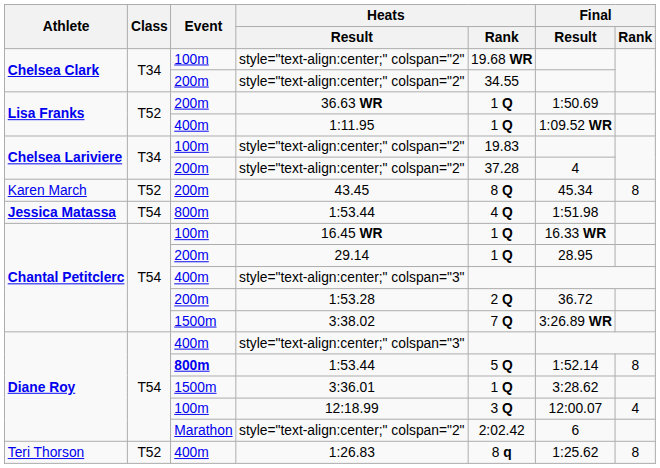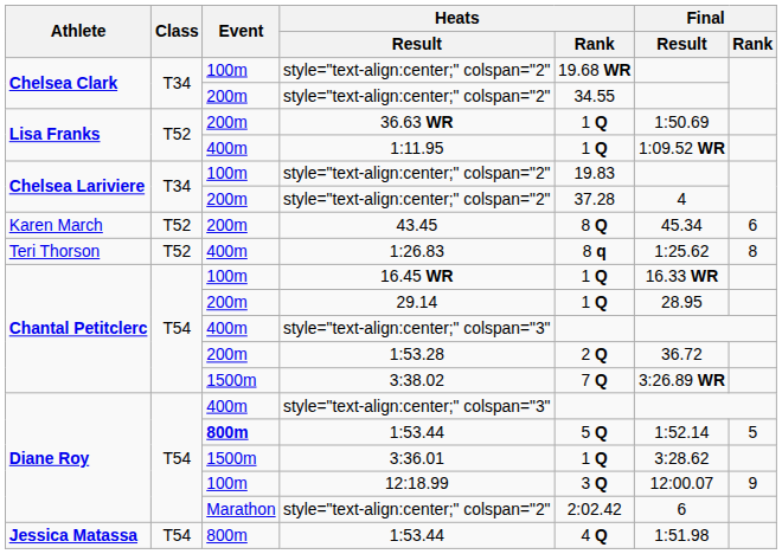 <table class=wikitable style="font-size:90%">
 <tr>
 <th rowspan="2">Athlete</th>
 <th rowspan="2">Class</th>
 <th rowspan="2">Event</th>
 <th colspan="2">Heats</th>
 <th colspan="2">Final</th>
 </tr>
 <tr>
 <th>Result</th>
 <th>Rank</th>
 <th>Result</th>
 <th>Rank</th>
 </tr>
 <tr>
 <td rowspan="2"><strong><a href='#'>Chelsea Clark</a></strong></td>
 <td rowspan="2" style="text-align:center;">T34</td>
 <td><a href='#'>100m</a></td>
 <td>style="text-align:center;" colspan="2" </td>
 <td style="text-align:center;">19.68 <strong>WR</strong></td>
 <td style="text-align:center;"></td>
 </tr>
 <tr>
 <td><a href='#'>200m</a></td>
 <td>style="text-align:center;" colspan="2" </td>
 <td style="text-align:center;">34.55</td>
 <td style="text-align:center;"></td>
 </tr>
 <tr>
 <td rowspan="2"><strong><a href='#'>Lisa Franks</a></strong></td>
 <td rowspan="2" style="text-align:center;">T52</td>
 <td><a href='#'>200m</a></td>
 <td style="text-align:center;">36.63 <strong>WR</strong></td>
 <td style="text-align:center;">1 <strong>Q</strong></td>
 <td style="text-align:center;">1:50.69</td>
 <td style="text-align:center;"></td>
 </tr>
 <tr>
 <td><a href='#'>400m</a></td>
 <td style="text-align:center;">1:11.95</td>
 <td style="text-align:center;">1 <strong>Q</strong></td>
 <td style="text-align:center;">1:09.52 <strong>WR</strong></td>
 <td style="text-align:center;"></td>
 </tr>
 <tr>
 <td rowspan="2"><strong><a href='#'>Chelsea Lariviere</a></strong></td>
 <td rowspan="2" style="text-align:center;">T34</td>
 <td><a href='#'>100m</a></td>
 <td>style="text-align:center;" colspan="2" </td>
 <td style="text-align:center;">19.83</td>
 <td style="text-align:center;"></td>
 </tr>
 <tr>
 <td><a href='#'>200m</a></td>
 <td>style="text-align:center;" colspan="2" </td>
 <td style="text-align:center;">37.28</td>
 <td style="text-align:center;">4</td>
 </tr>
 <tr>
 <td><a href='#'>Karen March</a></td>
 <td style="text-align:center;">T52</td>
 <td><a href='#'>200m</a></td>
 <td style="text-align:center;">43.45</td>
 <td style="text-align:center;">8 <strong>Q</strong></td>
 <td style="text-align:center;">45.34</td>
-<td style="text-align:center;">8</td>
+<td style="text-align:center;">6</td>
 </tr>
 <tr>
-<td><strong><a href='#'>Jessica Matassa</a></strong></td>
-<td style="text-align:center;">T54</td>
-<td><a href='#'>800m</a></td>
-<td style="text-align:center;">1:53.44</td>
-<td style="text-align:center;">4 <strong>Q</strong></td>
-<td style="text-align:center;">1:51.98</td>
-<td style="text-align:center;"></td>
+<td><a href='#'>Teri Thorson</a></td>
+<td style="text-align:center;">T52</td>
+<td><a href='#'>400m</a></td>
+<td style="text-align:center;">1:26.83</td>
+<td style="text-align:center;">8 <strong>q</strong></td>
+<td style="text-align:center;">1:25.62</td>
+<td style="text-align:center;">8</td>
 </tr>
 <tr>
 <td rowspan="5"><strong><a href='#'>Chantal Petitclerc</a></strong></td>
 <td rowspan="5" style="text-align:center;">T54</td>
 <td><a href='#'>100m</a></td>
 <td style="text-align:center;">16.45 <strong>WR</strong></td>
 <td style="text-align:center;">1 <strong>Q</strong></td>
 <td style="text-align:center;">16.33 <strong>WR</strong></td>
 <td style="text-align:center;"></td>
 </tr>
 <tr>
 <td><a href='#'>200m</a></td>
 <td style="text-align:center;">29.14</td>
 <td style="text-align:center;">1 <strong>Q</strong></td>
 <td style="text-align:center;">28.95</td>
 <td style="text-align:center;"></td>
 </tr>
 <tr>
 <td><a href='#'>400m</a></td>
 <td>style="text-align:center;" colspan="3" </td>
 <td style="text-align:center;"></td>
 </tr>
 <tr>
 <td><a href='#'>200m</a></td>
 <td style="text-align:center;">1:53.28</td>
 <td style="text-align:center;">2 <strong>Q</strong></td>
 <td style="text-align:center;">36.72</td>
 <td style="text-align:center;"></td>
 </tr>
 <tr>
 <td><a href='#'>1500m</a></td>
 <td style="text-align:center;">3:38.02</td>
 <td style="text-align:center;">7 <strong>Q</strong></td>
 <td style="text-align:center;">3:26.89 <strong>WR</strong></td>
 <td style="text-align:center;"></td>
 </tr>
 <tr>
 <td rowspan="5"><strong><a href='#'>Diane Roy</a></strong></td>
 <td rowspan="5" style="text-align:center;">T54</td>
 <td><a href='#'>400m</a></td>
 <td>style="text-align:center;" colspan="3" </td>
 <td style="text-align:center;"></td>
 </tr>
 <tr>
 <td><strong><a href='#'>800m</a></strong></td>
 <td style="text-align:center;">1:53.44</td>
 <td style="text-align:center;">5 <strong>Q</strong></td>
 <td style="text-align:center;">1:52.14</td>
-<td style="text-align:center;">8</td>
+<td style="text-align:center;">5</td>
 </tr>
 <tr>
 <td><a href='#'>1500m</a></td>
 <td style="text-align:center;">3:36.01</td>
 <td style="text-align:center;">1 <strong>Q</strong></td>
 <td style="text-align:center;">3:28.62</td>
 <td style="text-align:center;"></td>
 </tr>
 <tr>
 <td><a href='#'>100m</a></td>
 <td style="text-align:center;">12:18.99</td>
 <td style="text-align:center;">3 <strong>Q</strong></td>
 <td style="text-align:center;">12:00.07</td>
-<td style="text-align:center;">4</td>
+<td style="text-align:center;">9</td>
 </tr>
 <tr>
 <td><a href='#'>Marathon</a></td>
 <td>style="text-align:center;" colspan="2" </td>
 <td style="text-align:center;">2:02.42</td>
 <td style="text-align:center;">6</td>
 </tr>
 <tr>
-<td><a href='#'>Teri Thorson</a></td>
-<td style="text-align:center;">T52</td>
-<td><a href='#'>400m</a></td>
-<td style="text-align:center;">1:26.83</td>
-<td style="text-align:center;">8 <strong>q</strong></td>
-<td style="text-align:center;">1:25.62</td>
-<td style="text-align:center;">8</td>
+<td><strong><a href='#'>Jessica Matassa</a></strong></td>
+<td style="text-align:center;">T54</td>
+<td><a href='#'>800m</a></td>
+<td style="text-align:center;">1:53.44</td>
+<td style="text-align:center;">4 <strong>Q</strong></td>
+<td style="text-align:center;">1:51.98</td>
+<td style="text-align:center;"></td>
 </tr>
 </table>
